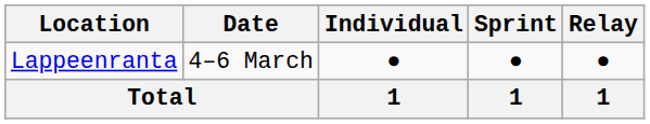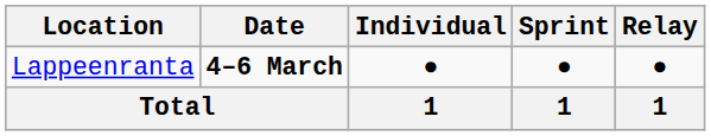 <table class="wikitable" border="1">
 <tr>
 <th>Location</th>
 <th>Date</th>
 <th>Individual</th>
 <th>Sprint</th>
 <th>Relay</th>
 </tr>
 <tr align=center>
 <td align=left> <a href='#'>Lappeenranta</a></td>
-<td align=left>4–6 March</td>
+<td align=left><strong>4–6 March</strong></td>
 <td>●</td>
 <td>●</td>
 <td>●</td>
 </tr>
 <tr align=center>
 <th colspan="2">Total</th>
 <th>1</th>
 <th>1</th>
 <th>1</th>
 </tr>
 </table>
